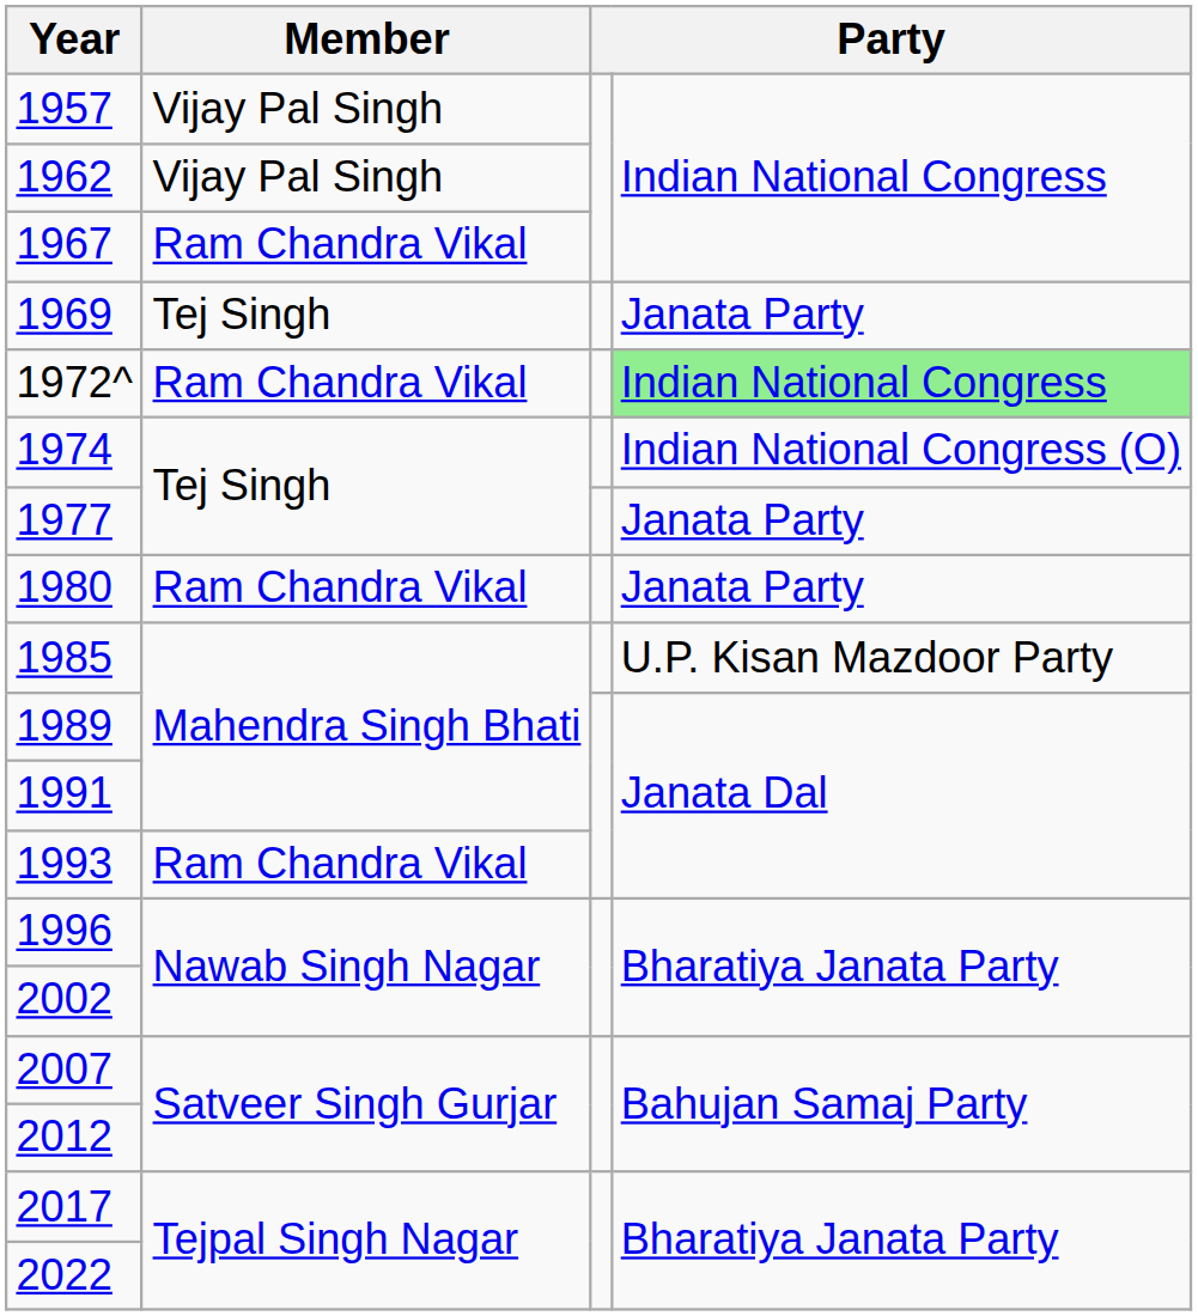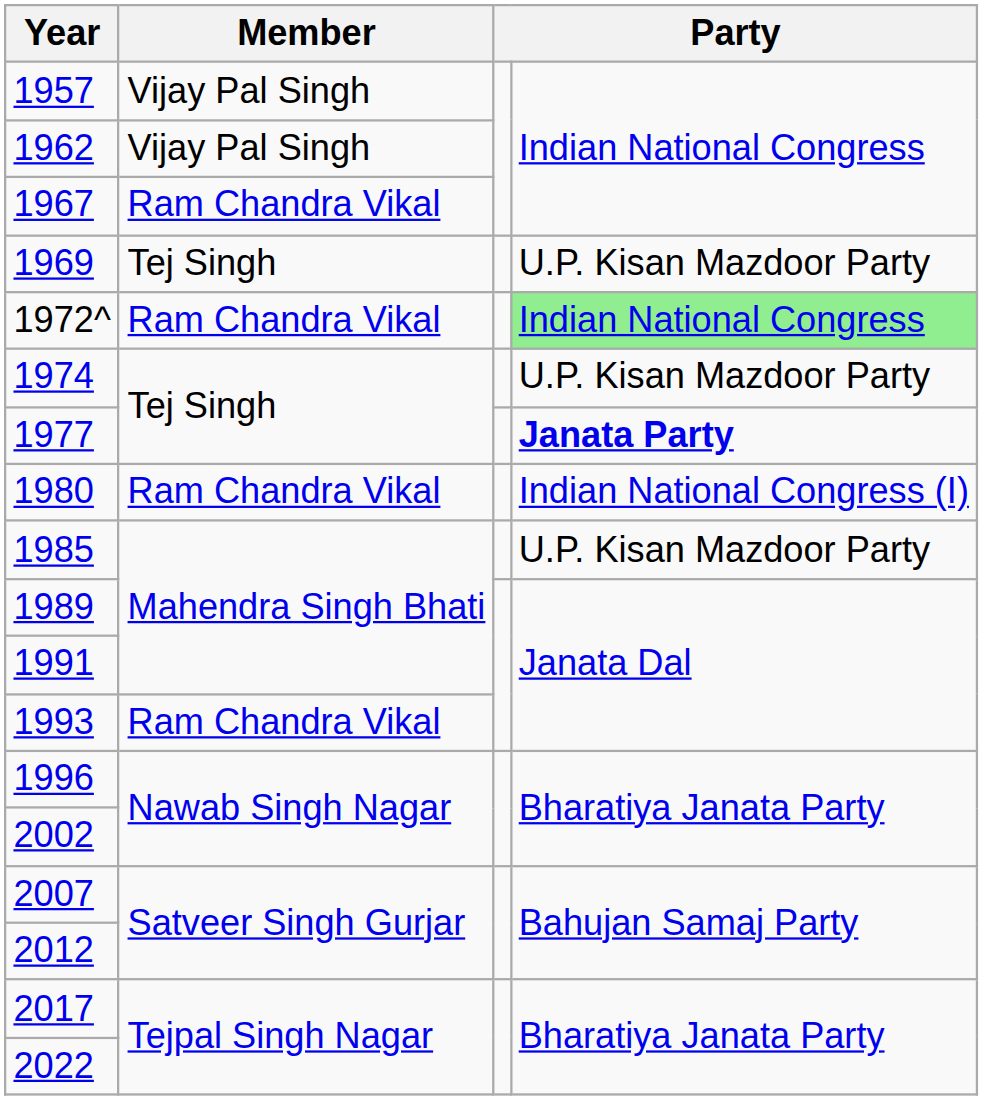 <table class="wikitable">
 <tr>
 <th>Year</th>
 <th>Member</th>
 <th colspan="2">Party</th>
 </tr>
 <tr>
 <td><a href='#'>1957</a></td>
 <td>Vijay Pal Singh</td>
 <td rowspan="3" style="background-color: "></td>
 <td rowspan="3"><a href='#'>Indian National Congress</a></td>
 </tr>
 <tr>
 <td><a href='#'>1962</a></td>
 <td>Vijay Pal Singh</td>
 </tr>
 <tr>
 <td><a href='#'>1967</a></td>
 <td><a href='#'>Ram Chandra Vikal</a></td>
 </tr>
 <tr>
 <td><a href='#'>1969</a></td>
 <td>Tej Singh</td>
 <td style="background-color: "></td>
-<td><a href='#'>Janata Party</a></td>
+<td>U.P. Kisan Mazdoor Party</td>
 </tr>
 <tr>
 <td>1972^</td>
 <td><a href='#'>Ram Chandra Vikal</a></td>
 <td style="background-color: "></td>
 <td style="background: lightgreen;"><a href='#'>Indian National Congress</a></td>
 </tr>
 <tr>
 <td><a href='#'>1974</a></td>
 <td rowspan="2">Tej Singh</td>
 <td style="background-color: "></td>
-<td><a href='#'>Indian National Congress (O)</a></td>
+<td>U.P. Kisan Mazdoor Party</td>
 </tr>
 <tr>
 <td><a href='#'>1977</a></td>
 <td style="background-color: "></td>
-<td><a href='#'>Janata Party</a></td>
+<td><strong><a href='#'>Janata Party</a></strong></td>
 </tr>
 <tr>
 <td><a href='#'>1980</a></td>
 <td><a href='#'>Ram Chandra Vikal</a></td>
 <td style="background-color: "></td>
-<td><a href='#'>Janata Party</a></td>
+<td><a href='#'>Indian National Congress (I)</a></td>
 </tr>
 <tr>
 <td><a href='#'>1985</a></td>
 <td rowspan="3"><a href='#'>Mahendra Singh Bhati</a></td>
 <td style="background-color: "></td>
 <td>U.P. Kisan Mazdoor Party</td>
 </tr>
 <tr>
 <td><a href='#'>1989</a></td>
 <td rowspan="3" style="background-color: "></td>
 <td rowspan="3"><a href='#'>Janata Dal</a></td>
 </tr>
 <tr>
 <td><a href='#'>1991</a></td>
 </tr>
 <tr>
 <td><a href='#'>1993</a></td>
 <td><a href='#'>Ram Chandra Vikal</a></td>
 </tr>
 <tr>
 <td><a href='#'>1996</a></td>
 <td rowspan="2"><a href='#'>Nawab Singh Nagar</a></td>
 <td rowspan="2" style="background-color: "></td>
 <td rowspan="2"><a href='#'>Bharatiya Janata Party</a></td>
 </tr>
 <tr>
 <td><a href='#'>2002</a></td>
 </tr>
 <tr>
 <td><a href='#'>2007</a></td>
 <td rowspan="2"><a href='#'>Satveer Singh Gurjar</a></td>
 <td rowspan="2" style="background-color: "></td>
 <td rowspan="2"><a href='#'>Bahujan Samaj Party</a></td>
 </tr>
 <tr>
 <td><a href='#'>2012</a></td>
 </tr>
 <tr>
 <td><a href='#'>2017</a></td>
 <td rowspan="2"><a href='#'>Tejpal Singh Nagar</a></td>
 <td rowspan="2" style="background-color: "></td>
 <td rowspan="2"><a href='#'>Bharatiya Janata Party</a></td>
 </tr>
 <tr>
 <td><a href='#'>2022</a></td>
 </tr>
 </table>
